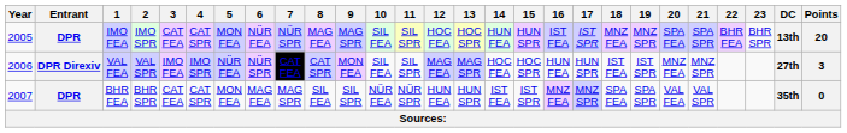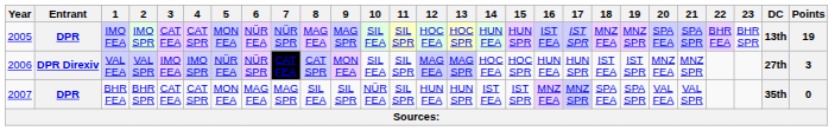 <table class="wikitable" style="text-align:center; font-size:85%">
 <tr>
 <th>Year</th>
 <th>Entrant</th>
 <th>1</th>
 <th>2</th>
 <th>3</th>
 <th>4</th>
 <th>5</th>
 <th>6</th>
 <th>7</th>
 <th>8</th>
 <th>9</th>
 <th>10</th>
 <th>11</th>
 <th>12</th>
 <th>13</th>
 <th>14</th>
 <th>15</th>
 <th>16</th>
 <th>17</th>
 <th>18</th>
 <th>19</th>
 <th>20</th>
 <th>21</th>
 <th>22</th>
 <th>23</th>
 <th>DC</th>
 <th>Points</th>
 </tr>
 <tr>
 <td><a href='#'>2005</a></td>
 <th><a href='#'>DPR</a></th>
 <td style="background:#CFCFFF;"><a href='#'>IMO<br>FEA</a><br></td>
 <td style="background:#DFFFDF;"><a href='#'>IMO<br>SPR</a><br></td>
 <td style="background:#EFCFFF;"><a href='#'>CAT<br>FEA</a><br></td>
 <td style="background:#EFCFFF;"><a href='#'>CAT<br>SPR</a><br></td>
 <td style="background:#CFCFFF;"><a href='#'>MON<br>FEA</a><br></td>
 <td style="background:#EFCFFF;"><a href='#'>NÜR<br>FEA</a><br></td>
 <td style="background:#CFCFFF;"><a href='#'>NÜR<br>SPR</a><br></td>
 <td style="background:#EFCFFF;"><a href='#'>MAG<br>FEA</a><br></td>
 <td style="background:#CFCFFF;"><a href='#'>MAG<br>SPR</a><br></td>
 <td style="background:#DFFFDF;"><a href='#'>SIL<br>FEA</a><br></td>
 <td style="background:#FBFFBF;"><a href='#'>SIL<br>SPR</a><br></td>
 <td style="background:#DFFFDF;"><a href='#'>HOC<br>FEA</a><br></td>
 <td style="background:#FBFFBF;"><a href='#'>HOC<br>SPR</a><br></td>
 <td style="background:#DFFFDF;"><a href='#'>HUN<br>FEA</a><br></td>
 <td style="background:#EFCFFF;"><a href='#'>HUN<br>SPR</a><br></td>
 <td style="background:#CFCFFF;"><a href='#'>IST<br>FEA</a><br></td>
 <td style="background:#CFCFFF;"><em><a href='#'>IST<br>SPR</a></em><br></td>
 <td style="background:#EFCFFF;"><a href='#'>MNZ<br>FEA</a><br></td>
 <td style="background:#EFCFFF;"><a href='#'>MNZ<br>SPR</a><br></td>
 <td style="background:#CFCFFF;"><a href='#'>SPA<br>FEA</a><br></td>
 <td style="background:#CFCFFF;"><a href='#'>SPA<br>SPR</a><br></td>
 <td style="background:#EFCFFF;"><a href='#'>BHR<br>FEA</a><br></td>
 <td><a href='#'>BHR<br>SPR</a><br></td>
 <th>13th</th>
-<th>20</th>
+<th>19</th>
 </tr>
 <tr>
 <td><a href='#'>2006</a></td>
 <th nowrap><a href='#'>DPR Direxiv</a></th>
 <td style="background:#CFCFFF;"><a href='#'>VAL<br>FEA</a><br></td>
 <td style="background:#CFCFFF;"><a href='#'>VAL<br>SPR</a><br></td>
 <td style="background:#EFCFFF;"><a href='#'>IMO<br>FEA</a><br></td>
 <td style="background:#CFCFFF;"><a href='#'>IMO<br>SPR</a><br></td>
 <td style="background:#CFCFFF;"><a href='#'>NÜR<br>FEA</a><br></td>
 <td style="background:#EFCFFF;"><a href='#'>NÜR<br>SPR</a><br></td>
 <td style="background:#000000; color:white"><a href='#'><span>CAT<br>FEA</span></a><br></td>
 <td style="background:#CFCFFF;"><a href='#'>CAT<br>SPR</a><br></td>
 <td style="background:#EFCFFF;"><a href='#'>MON<br>FEA</a><br></td>
 <td><a href='#'>SIL<br>FEA</a></td>
 <td><a href='#'>SIL<br>SPR</a></td>
 <td style="background:#CFCFFF;"><a href='#'>MAG<br>FEA</a><br></td>
 <td style="background:#CFCFFF;"><a href='#'>MAG<br>SPR</a><br></td>
 <td><a href='#'>HOC<br>FEA</a></td>
 <td><a href='#'>HOC<br>SPR</a></td>
 <td><a href='#'>HUN<br>FEA</a></td>
 <td><a href='#'>HUN<br>SPR</a></td>
 <td><a href='#'>IST<br>FEA</a></td>
 <td><a href='#'>IST<br>SPR</a></td>
 <td><a href='#'>MNZ<br>FEA</a></td>
 <td><a href='#'>MNZ<br>SPR</a></td>
 <td></td>
 <td></td>
 <th>27th</th>
 <th>3</th>
 </tr>
 <tr>
 <td><a href='#'>2007</a></td>
 <th><a href='#'>DPR</a></th>
 <td><a href='#'>BHR<br>FEA</a></td>
 <td><a href='#'>BHR<br>SPR</a></td>
 <td><a href='#'>CAT<br>FEA</a></td>
 <td><a href='#'>CAT<br>SPR</a></td>
 <td><a href='#'>MON<br>FEA</a></td>
 <td><a href='#'>MAG<br>FEA</a></td>
 <td><a href='#'>MAG<br>SPR</a></td>
 <td><a href='#'>SIL<br>FEA</a></td>
 <td><a href='#'>SIL<br>SPR</a></td>
 <td><a href='#'>NÜR<br>FEA</a></td>
-<td><a href='#'>NÜR<br>SPR</a></td>
+<td><a href='#'>SIL<br>SPR</a></td>
 <td><a href='#'>HUN<br>FEA</a></td>
 <td><a href='#'>HUN<br>SPR</a></td>
 <td><a href='#'>IST<br>FEA</a></td>
 <td><a href='#'>IST<br>SPR</a></td>
 <td style="background:#EFCFFF;"><a href='#'>MNZ<br>FEA</a><br></td>
 <td style="background:#CFCFFF;"><a href='#'>MNZ<br>SPR</a><br></td>
 <td><a href='#'>SPA<br>FEA</a></td>
 <td><a href='#'>SPA<br>SPR</a></td>
 <td><a href='#'>VAL<br>FEA</a></td>
 <td><a href='#'>VAL<br>SPR</a></td>
 <td></td>
 <td></td>
 <th>35th</th>
 <th>0</th>
 </tr>
 <tr>
 <th colspan="27">Sources:</th>
 </tr>
 </table>
